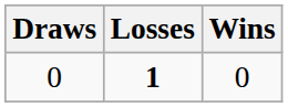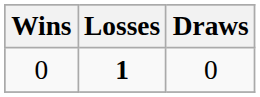 <table class="wikitable">
 <tr>
+<th>Wins</th>
+<th>Losses</th>
 <th>Draws</th>
-<th>Losses</th>
-<th>Wins</th>
 </tr>
 <tr>
 <td align=center>0</td>
 <td align=center><strong>1</strong></td>
 <td align=center>0</td>
 </tr>
 </table>
